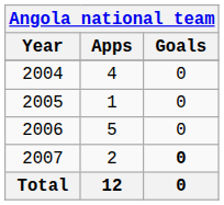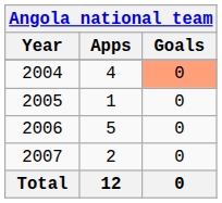 <table class="wikitable" style="text-align:center">
 <tr>
 <th colspan=3><a href='#'>Angola national team</a></th>
 </tr>
 <tr>
 <th>Year</th>
 <th>Apps</th>
 <th>Goals</th>
 </tr>
 <tr>
 </tr>
 <tr>
 <td>2004</td>
 <td>4</td>
-<td>0</td>
+<td style="background: lightsalmon;">0</td>
 </tr>
 <tr>
 <td>2005</td>
 <td>1</td>
 <td>0</td>
 </tr>
 <tr>
 <td>2006</td>
 <td>5</td>
 <td>0</td>
 </tr>
 <tr>
 <td>2007</td>
 <td>2</td>
-<td><strong>0</strong></td>
+<td>0</td>
 </tr>
 <tr>
 <th>Total</th>
 <th>12</th>
 <th>0</th>
 </tr>
 </table>
